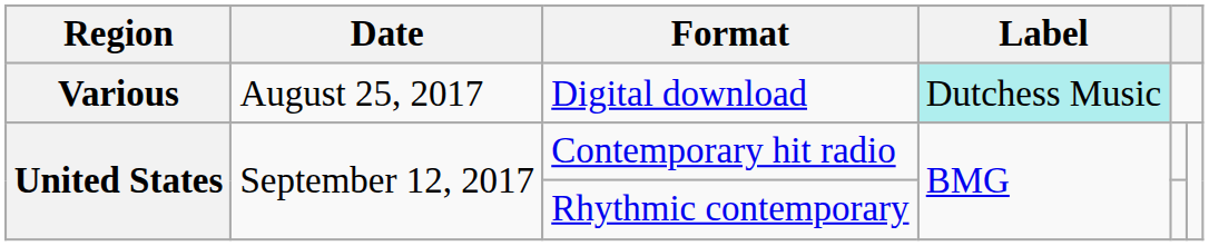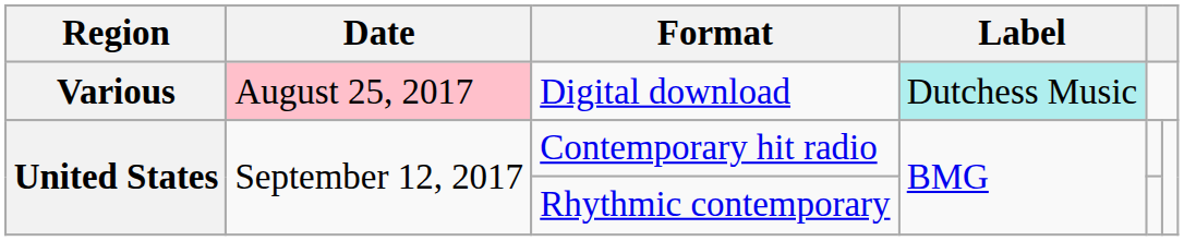 <table class="wikitable">
 <tr>
 <th scope="col">Region</th>
 <th scope="col">Date</th>
 <th scope="col">Format</th>
 <th scope="col">Label</th>
 <th scope="col" colspan="2"></th>
 </tr>
 <tr>
 <th scope="row">Various</th>
-<td>August 25, 2017</td>
+<td style="background: pink;">August 25, 2017</td>
 <td><a href='#'>Digital download</a></td>
 <td style="background: paleturquoise;">Dutchess Music</td>
 <td colspan="2"></td>
 </tr>
 <tr>
 <th scope="row" rowspan="2">United States</th>
 <td rowspan="2">September 12, 2017</td>
 <td><a href='#'>Contemporary hit radio</a></td>
 <td rowspan="2"><a href='#'>BMG</a></td>
 <td></td>
 <td rowspan="2"></td>
 </tr>
 <tr>
 <td><a href='#'>Rhythmic contemporary</a></td>
 <td></td>
 </tr>
 </table>
